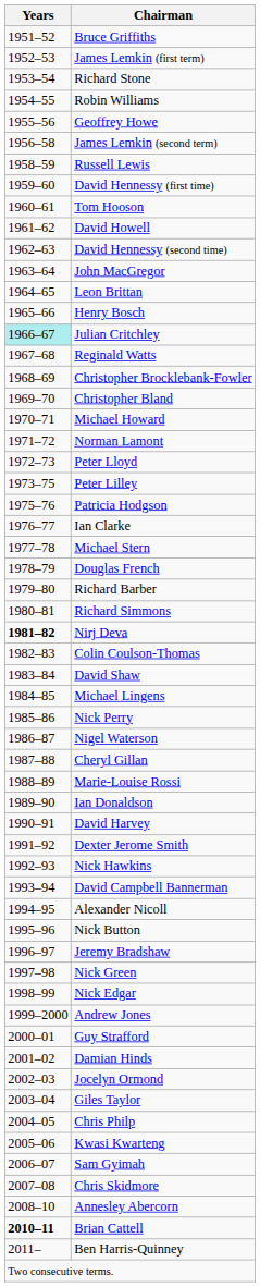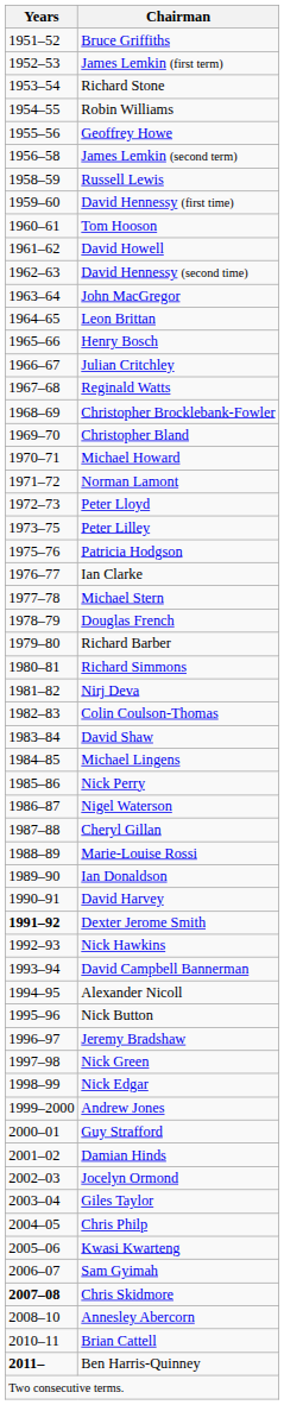 <table class="wikitable sortable">
 <tr>
 <th>Years</th>
 <th>Chairman</th>
 </tr>
 <tr>
 <td>1951–52</td>
 <td><a href='#'>Bruce Griffiths</a></td>
 </tr>
 <tr>
 <td>1952–53</td>
 <td><a href='#'>James Lemkin</a> <small>(first term)</small></td>
 </tr>
 <tr>
 <td>1953–54</td>
 <td>Richard Stone</td>
 </tr>
 <tr>
 <td>1954–55</td>
 <td>Robin Williams</td>
 </tr>
 <tr>
 <td>1955–56</td>
 <td><a href='#'>Geoffrey Howe</a></td>
 </tr>
 <tr>
 <td>1956–58</td>
 <td><a href='#'>James Lemkin</a> <small>(second term)</small></td>
 </tr>
 <tr>
 <td>1958–59</td>
 <td><a href='#'>Russell Lewis</a></td>
 </tr>
 <tr>
 <td>1959–60</td>
 <td><a href='#'>David Hennessy</a> <small>(first time)</small></td>
 </tr>
 <tr>
 <td>1960–61</td>
 <td><a href='#'>Tom Hooson</a></td>
 </tr>
 <tr>
 <td>1961–62</td>
 <td><a href='#'>David Howell</a></td>
 </tr>
 <tr>
 <td>1962–63</td>
 <td><a href='#'>David Hennessy</a> <small>(second time)</small></td>
 </tr>
 <tr>
 <td>1963–64</td>
 <td><a href='#'>John MacGregor</a></td>
 </tr>
 <tr>
 <td>1964–65</td>
 <td><a href='#'>Leon Brittan</a></td>
 </tr>
 <tr>
 <td>1965–66</td>
 <td><a href='#'>Henry Bosch</a></td>
 </tr>
 <tr>
-<td style="background: paleturquoise;">1966–67</td>
+<td>1966–67</td>
 <td><a href='#'>Julian Critchley</a></td>
 </tr>
 <tr>
 <td>1967–68</td>
 <td><a href='#'>Reginald Watts</a></td>
 </tr>
 <tr>
 <td>1968–69</td>
 <td><a href='#'>Christopher Brocklebank-Fowler</a></td>
 </tr>
 <tr>
 <td>1969–70</td>
 <td><a href='#'>Christopher Bland</a></td>
 </tr>
 <tr>
 <td>1970–71</td>
 <td><a href='#'>Michael Howard</a></td>
 </tr>
 <tr>
 <td>1971–72</td>
 <td><a href='#'>Norman Lamont</a></td>
 </tr>
 <tr>
 <td>1972–73</td>
 <td><a href='#'>Peter Lloyd</a></td>
 </tr>
 <tr>
 <td>1973–75</td>
 <td><a href='#'>Peter Lilley</a></td>
 </tr>
 <tr>
 <td>1975–76</td>
 <td><a href='#'>Patricia Hodgson</a></td>
 </tr>
 <tr>
 <td>1976–77</td>
 <td>Ian Clarke</td>
 </tr>
 <tr>
 <td>1977–78</td>
 <td><a href='#'>Michael Stern</a></td>
 </tr>
 <tr>
 <td>1978–79</td>
 <td><a href='#'>Douglas French</a></td>
 </tr>
 <tr>
 <td>1979–80</td>
 <td>Richard Barber</td>
 </tr>
 <tr>
 <td>1980–81</td>
 <td><a href='#'>Richard Simmons</a></td>
 </tr>
 <tr>
-<td><strong>1981–82</strong></td>
+<td>1981–82</td>
 <td><a href='#'>Nirj Deva</a></td>
 </tr>
 <tr>
 <td>1982–83</td>
 <td><a href='#'>Colin Coulson-Thomas</a></td>
 </tr>
 <tr>
 <td>1983–84</td>
 <td><a href='#'>David Shaw</a></td>
 </tr>
 <tr>
 <td>1984–85</td>
 <td><a href='#'>Michael Lingens</a></td>
 </tr>
 <tr>
 <td>1985–86</td>
 <td><a href='#'>Nick Perry</a></td>
 </tr>
 <tr>
 <td>1986–87</td>
 <td><a href='#'>Nigel Waterson</a></td>
 </tr>
 <tr>
 <td>1987–88</td>
 <td><a href='#'>Cheryl Gillan</a></td>
 </tr>
 <tr>
 <td>1988–89</td>
 <td><a href='#'>Marie-Louise Rossi</a></td>
 </tr>
 <tr>
 <td>1989–90</td>
 <td><a href='#'>Ian Donaldson</a></td>
 </tr>
 <tr>
 <td>1990–91</td>
 <td><a href='#'>David Harvey</a></td>
 </tr>
 <tr>
-<td>1991–92</td>
+<td><strong>1991–92</strong></td>
 <td><a href='#'>Dexter Jerome Smith</a></td>
 </tr>
 <tr>
 <td>1992–93</td>
 <td><a href='#'>Nick Hawkins</a></td>
 </tr>
 <tr>
 <td>1993–94</td>
 <td><a href='#'>David Campbell Bannerman</a></td>
 </tr>
 <tr>
 <td>1994–95</td>
 <td>Alexander Nicoll</td>
 </tr>
 <tr>
 <td>1995–96</td>
 <td>Nick Button</td>
 </tr>
 <tr>
 <td>1996–97</td>
 <td><a href='#'>Jeremy Bradshaw</a></td>
 </tr>
 <tr>
 <td>1997–98</td>
 <td><a href='#'>Nick Green</a></td>
 </tr>
 <tr>
 <td>1998–99</td>
 <td><a href='#'>Nick Edgar</a></td>
 </tr>
 <tr>
 <td>1999–2000</td>
 <td><a href='#'>Andrew Jones</a></td>
 </tr>
 <tr>
 <td>2000–01</td>
 <td><a href='#'>Guy Strafford</a></td>
 </tr>
 <tr>
 <td>2001–02</td>
 <td><a href='#'>Damian Hinds</a></td>
 </tr>
 <tr>
 <td>2002–03</td>
 <td><a href='#'>Jocelyn Ormond</a></td>
 </tr>
 <tr>
 <td>2003–04</td>
 <td><a href='#'>Giles Taylor</a></td>
 </tr>
 <tr>
 <td>2004–05</td>
 <td><a href='#'>Chris Philp</a></td>
 </tr>
 <tr>
 <td>2005–06</td>
 <td><a href='#'>Kwasi Kwarteng</a></td>
 </tr>
 <tr>
 <td>2006–07</td>
 <td><a href='#'>Sam Gyimah</a></td>
 </tr>
 <tr>
-<td>2007–08</td>
+<td><strong>2007–08</strong></td>
 <td><a href='#'>Chris Skidmore</a></td>
 </tr>
 <tr>
 <td>2008–10</td>
 <td><a href='#'>Annesley Abercorn</a></td>
 </tr>
 <tr>
-<td><strong>2010–11</strong></td>
+<td>2010–11</td>
 <td><a href='#'>Brian Cattell</a></td>
 </tr>
 <tr>
-<td>2011–</td>
+<td><strong>2011–</strong></td>
 <td>Ben Harris-Quinney</td>
 </tr>
 <tr>
 <td colspan=2><small> Two consecutive terms. </small></td>
 </tr>
 </table>
